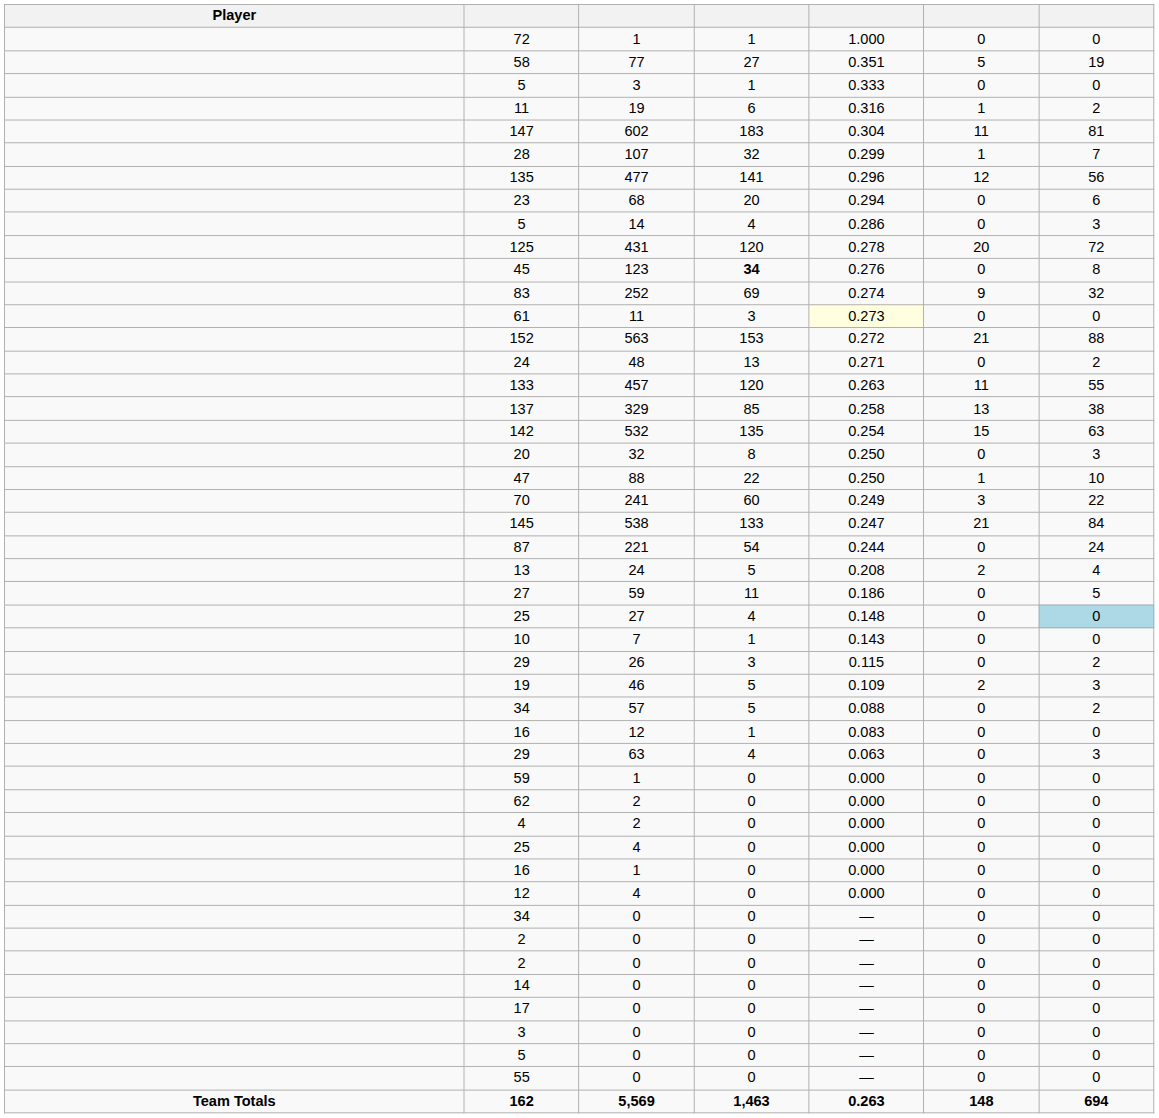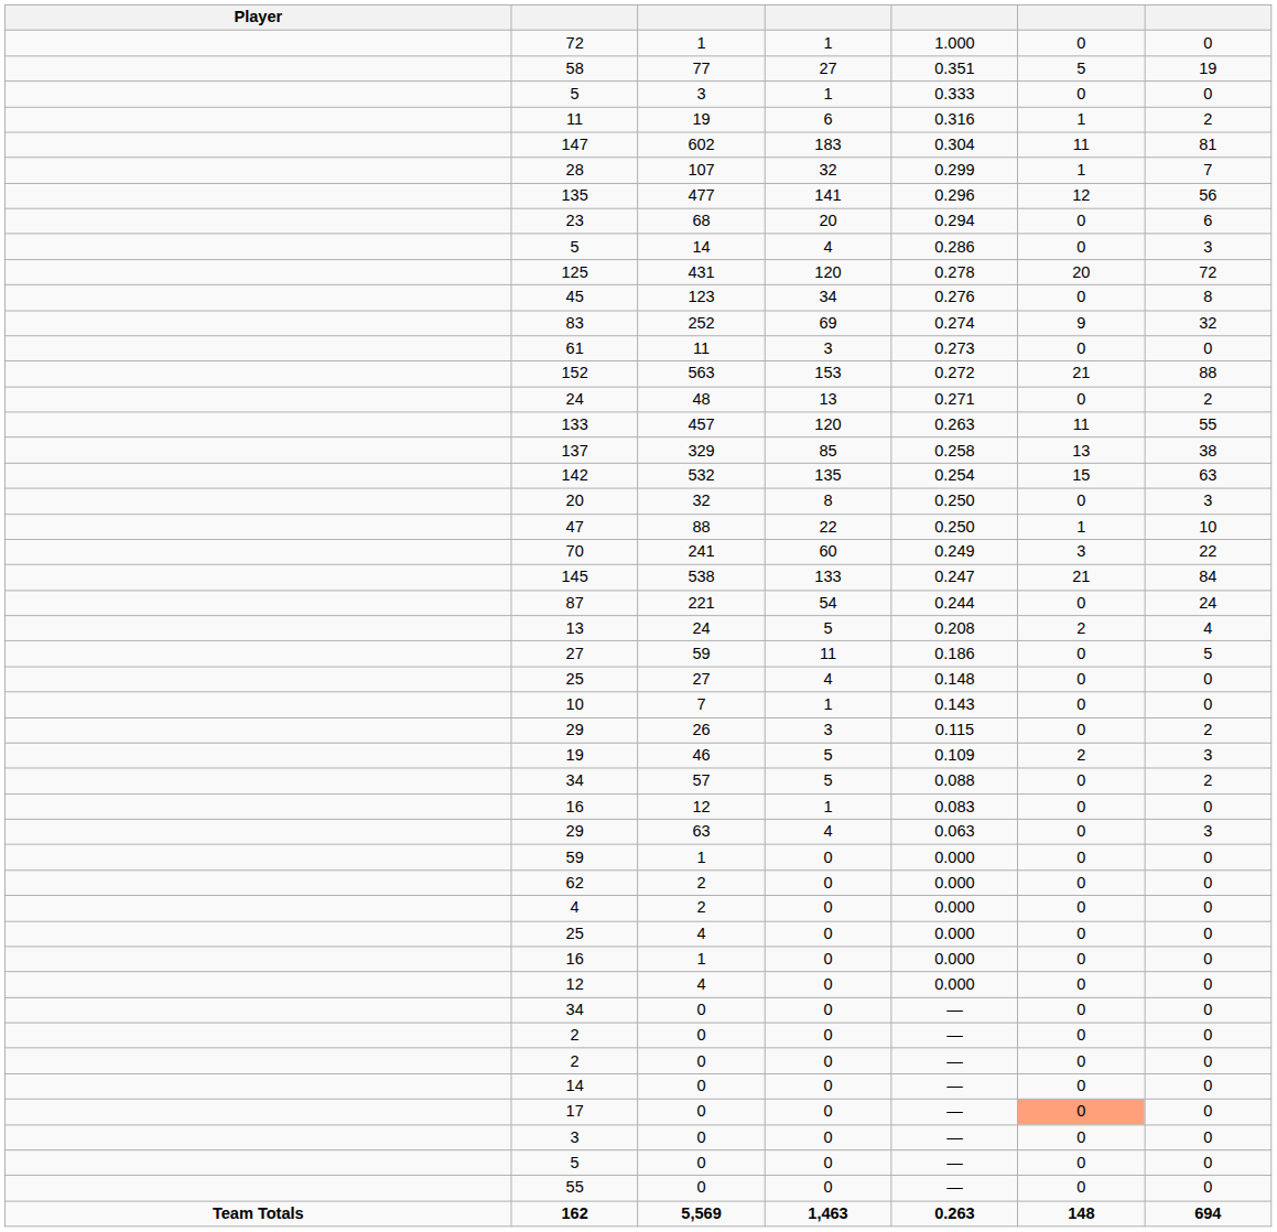 <table class="wikitable sortable" style="text-align:center;" width="100%">
 <tr>
 <th width="40%">Player</th>
 <th width="10%"></th>
 <th width="10%"></th>
 <th width="10%"></th>
 <th width="10%"></th>
 <th width="10%"></th>
 <th width="10%"></th>
 </tr>
 <tr>
 <td></td>
 <td>72</td>
 <td>1</td>
 <td>1</td>
 <td>1.000</td>
 <td>0</td>
 <td>0</td>
 </tr>
 <tr>
 <td></td>
 <td>58</td>
 <td>77</td>
 <td>27</td>
 <td>0.351</td>
 <td>5</td>
 <td>19</td>
 </tr>
 <tr>
 <td></td>
 <td>5</td>
 <td>3</td>
 <td>1</td>
 <td>0.333</td>
 <td>0</td>
 <td>0</td>
 </tr>
 <tr>
 <td></td>
 <td>11</td>
 <td>19</td>
 <td>6</td>
 <td>0.316</td>
 <td>1</td>
 <td>2</td>
 </tr>
 <tr>
 <td></td>
 <td>147</td>
 <td>602</td>
 <td>183</td>
 <td>0.304</td>
 <td>11</td>
 <td>81</td>
 </tr>
 <tr>
 <td></td>
 <td>28</td>
 <td>107</td>
 <td>32</td>
 <td>0.299</td>
 <td>1</td>
 <td>7</td>
 </tr>
 <tr>
 <td></td>
 <td>135</td>
 <td>477</td>
 <td>141</td>
 <td>0.296</td>
 <td>12</td>
 <td>56</td>
 </tr>
 <tr>
 <td></td>
 <td>23</td>
 <td>68</td>
 <td>20</td>
 <td>0.294</td>
 <td>0</td>
 <td>6</td>
 </tr>
 <tr>
 <td></td>
 <td>5</td>
 <td>14</td>
 <td>4</td>
 <td>0.286</td>
 <td>0</td>
 <td>3</td>
 </tr>
 <tr>
 <td></td>
 <td>125</td>
 <td>431</td>
 <td>120</td>
 <td>0.278</td>
 <td>20</td>
 <td>72</td>
 </tr>
 <tr>
 <td></td>
 <td>45</td>
 <td>123</td>
-<td><strong>34</strong></td>
+<td>34</td>
 <td>0.276</td>
 <td>0</td>
 <td>8</td>
 </tr>
 <tr>
 <td></td>
 <td>83</td>
 <td>252</td>
 <td>69</td>
 <td>0.274</td>
 <td>9</td>
 <td>32</td>
 </tr>
 <tr>
 <td></td>
 <td>61</td>
 <td>11</td>
 <td>3</td>
-<td style="background: lightyellow;">0.273</td>
+<td>0.273</td>
 <td>0</td>
 <td>0</td>
 </tr>
 <tr>
 <td></td>
 <td>152</td>
 <td>563</td>
 <td>153</td>
 <td>0.272</td>
 <td>21</td>
 <td>88</td>
 </tr>
 <tr>
 <td></td>
 <td>24</td>
 <td>48</td>
 <td>13</td>
 <td>0.271</td>
 <td>0</td>
 <td>2</td>
 </tr>
 <tr>
 <td></td>
 <td>133</td>
 <td>457</td>
 <td>120</td>
 <td>0.263</td>
 <td>11</td>
 <td>55</td>
 </tr>
 <tr>
 <td></td>
 <td>137</td>
 <td>329</td>
 <td>85</td>
 <td>0.258</td>
 <td>13</td>
 <td>38</td>
 </tr>
 <tr>
 <td></td>
 <td>142</td>
 <td>532</td>
 <td>135</td>
 <td>0.254</td>
 <td>15</td>
 <td>63</td>
 </tr>
 <tr>
 <td></td>
 <td>20</td>
 <td>32</td>
 <td>8</td>
 <td>0.250</td>
 <td>0</td>
 <td>3</td>
 </tr>
 <tr>
 <td></td>
 <td>47</td>
 <td>88</td>
 <td>22</td>
 <td>0.250</td>
 <td>1</td>
 <td>10</td>
 </tr>
 <tr>
 <td></td>
 <td>70</td>
 <td>241</td>
 <td>60</td>
 <td>0.249</td>
 <td>3</td>
 <td>22</td>
 </tr>
 <tr>
 <td></td>
 <td>145</td>
 <td>538</td>
 <td>133</td>
 <td>0.247</td>
 <td>21</td>
 <td>84</td>
 </tr>
 <tr>
 <td></td>
 <td>87</td>
 <td>221</td>
 <td>54</td>
 <td>0.244</td>
 <td>0</td>
 <td>24</td>
 </tr>
 <tr>
 <td></td>
 <td>13</td>
 <td>24</td>
 <td>5</td>
 <td>0.208</td>
 <td>2</td>
 <td>4</td>
 </tr>
 <tr>
 <td></td>
 <td>27</td>
 <td>59</td>
 <td>11</td>
 <td>0.186</td>
 <td>0</td>
 <td>5</td>
 </tr>
 <tr>
 <td></td>
 <td>25</td>
 <td>27</td>
 <td>4</td>
 <td>0.148</td>
 <td>0</td>
-<td style="background: lightblue;">0</td>
+<td>0</td>
 </tr>
 <tr>
 <td></td>
 <td>10</td>
 <td>7</td>
 <td>1</td>
 <td>0.143</td>
 <td>0</td>
 <td>0</td>
 </tr>
 <tr>
 <td></td>
 <td>29</td>
 <td>26</td>
 <td>3</td>
 <td>0.115</td>
 <td>0</td>
 <td>2</td>
 </tr>
 <tr>
 <td></td>
 <td>19</td>
 <td>46</td>
 <td>5</td>
 <td>0.109</td>
 <td>2</td>
 <td>3</td>
 </tr>
 <tr>
 <td></td>
 <td>34</td>
 <td>57</td>
 <td>5</td>
 <td>0.088</td>
 <td>0</td>
 <td>2</td>
 </tr>
 <tr>
 <td></td>
 <td>16</td>
 <td>12</td>
 <td>1</td>
 <td>0.083</td>
 <td>0</td>
 <td>0</td>
 </tr>
 <tr>
 <td></td>
 <td>29</td>
 <td>63</td>
 <td>4</td>
 <td>0.063</td>
 <td>0</td>
 <td>3</td>
 </tr>
 <tr>
 <td></td>
 <td>59</td>
 <td>1</td>
 <td>0</td>
 <td>0.000</td>
 <td>0</td>
 <td>0</td>
 </tr>
 <tr>
 <td></td>
 <td>62</td>
 <td>2</td>
 <td>0</td>
 <td>0.000</td>
 <td>0</td>
 <td>0</td>
 </tr>
 <tr>
 <td></td>
 <td>4</td>
 <td>2</td>
 <td>0</td>
 <td>0.000</td>
 <td>0</td>
 <td>0</td>
 </tr>
 <tr>
 <td></td>
 <td>25</td>
 <td>4</td>
 <td>0</td>
 <td>0.000</td>
 <td>0</td>
 <td>0</td>
 </tr>
 <tr>
 <td></td>
 <td>16</td>
 <td>1</td>
 <td>0</td>
 <td>0.000</td>
 <td>0</td>
 <td>0</td>
 </tr>
 <tr>
 <td></td>
 <td>12</td>
 <td>4</td>
 <td>0</td>
 <td>0.000</td>
 <td>0</td>
 <td>0</td>
 </tr>
 <tr>
 <td></td>
 <td>34</td>
 <td>0</td>
 <td>0</td>
 <td>—</td>
 <td>0</td>
 <td>0</td>
 </tr>
 <tr>
 <td></td>
 <td>2</td>
 <td>0</td>
 <td>0</td>
 <td>—</td>
 <td>0</td>
 <td>0</td>
 </tr>
 <tr>
 <td></td>
 <td>2</td>
 <td>0</td>
 <td>0</td>
 <td>—</td>
 <td>0</td>
 <td>0</td>
 </tr>
 <tr>
 <td></td>
 <td>14</td>
 <td>0</td>
 <td>0</td>
 <td>—</td>
 <td>0</td>
 <td>0</td>
 </tr>
 <tr>
 <td></td>
 <td>17</td>
 <td>0</td>
 <td>0</td>
 <td>—</td>
-<td>0</td>
+<td style="background: lightsalmon;">0</td>
 <td>0</td>
 </tr>
 <tr>
 <td></td>
 <td>3</td>
 <td>0</td>
 <td>0</td>
 <td>—</td>
 <td>0</td>
 <td>0</td>
 </tr>
 <tr>
 <td></td>
 <td>5</td>
 <td>0</td>
 <td>0</td>
 <td>—</td>
 <td>0</td>
 <td>0</td>
 </tr>
 <tr>
 <td></td>
 <td>55</td>
 <td>0</td>
 <td>0</td>
 <td>—</td>
 <td>0</td>
 <td>0</td>
 </tr>
 <tr>
 <td><strong>Team Totals</strong></td>
 <td><strong>162</strong></td>
 <td><strong>5,569</strong></td>
 <td><strong>1,463</strong></td>
 <td><strong>0.263</strong></td>
 <td><strong>148</strong></td>
 <td><strong>694</strong></td>
 </tr>
 </table>
